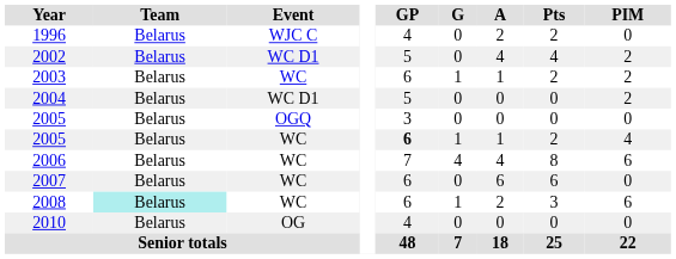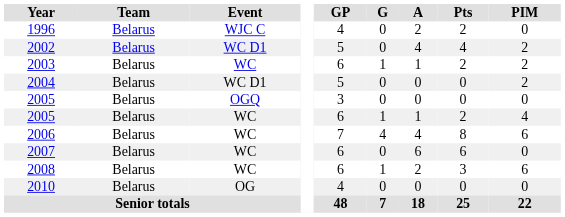 <table border="0" cellpadding="1" cellspacing="0" style="text-align:center; width:40em">
 <tr ALIGN="center" bgcolor="#e0e0e0">
 <th>Year</th>
 <th>Team</th>
 <th>Event</th>
 <th ALIGN="center" rowspan="99" bgcolor="#ffffff"> </th>
 <th>GP</th>
 <th>G</th>
 <th>A</th>
 <th>Pts</th>
 <th>PIM</th>
 </tr>
 <tr>
 <td><a href='#'>1996</a></td>
 <td><a href='#'>Belarus</a></td>
 <td><a href='#'>WJC C</a></td>
 <td>4</td>
 <td>0</td>
 <td>2</td>
 <td>2</td>
 <td>0</td>
 </tr>
 <tr bgcolor="#f0f0f0">
 <td><a href='#'>2002</a></td>
 <td><a href='#'>Belarus</a></td>
 <td><a href='#'>WC D1</a></td>
 <td>5</td>
 <td>0</td>
 <td>4</td>
 <td>4</td>
 <td>2</td>
 </tr>
 <tr>
 <td><a href='#'>2003</a></td>
 <td>Belarus</td>
 <td><a href='#'>WC</a></td>
 <td>6</td>
 <td>1</td>
 <td>1</td>
 <td>2</td>
 <td>2</td>
 </tr>
 <tr bgcolor="#f0f0f0">
 <td><a href='#'>2004</a></td>
 <td>Belarus</td>
 <td>WC D1</td>
 <td>5</td>
 <td>0</td>
 <td>0</td>
 <td>0</td>
 <td>2</td>
 </tr>
 <tr>
 <td><a href='#'>2005</a></td>
 <td>Belarus</td>
 <td><a href='#'>OGQ</a></td>
 <td>3</td>
 <td>0</td>
 <td>0</td>
 <td>0</td>
 <td>0</td>
 </tr>
 <tr bgcolor="#f0f0f0">
 <td><a href='#'>2005</a></td>
 <td>Belarus</td>
 <td>WC</td>
-<td><strong>6</strong></td>
+<td>6</td>
 <td>1</td>
 <td>1</td>
 <td>2</td>
 <td>4</td>
 </tr>
 <tr>
 <td><a href='#'>2006</a></td>
 <td>Belarus</td>
 <td>WC</td>
 <td>7</td>
 <td>4</td>
 <td>4</td>
 <td>8</td>
 <td>6</td>
 </tr>
 <tr bgcolor="#f0f0f0">
 <td><a href='#'>2007</a></td>
 <td>Belarus</td>
 <td>WC</td>
 <td>6</td>
 <td>0</td>
 <td>6</td>
 <td>6</td>
 <td>0</td>
 </tr>
 <tr>
 <td><a href='#'>2008</a></td>
-<td style="background: paleturquoise;">Belarus</td>
+<td>Belarus</td>
 <td>WC</td>
 <td>6</td>
 <td>1</td>
 <td>2</td>
 <td>3</td>
 <td>6</td>
 </tr>
 <tr bgcolor="#f0f0f0">
 <td><a href='#'>2010</a></td>
 <td>Belarus</td>
 <td>OG</td>
 <td>4</td>
 <td>0</td>
 <td>0</td>
 <td>0</td>
 <td>0</td>
 </tr>
 <tr bgcolor="#e0e0e0">
 <th colspan="3">Senior totals</th>
 <th>48</th>
 <th>7</th>
 <th>18</th>
 <th>25</th>
 <th>22</th>
 </tr>
 </table>
